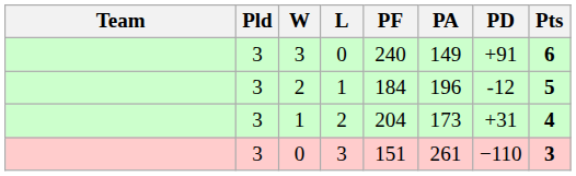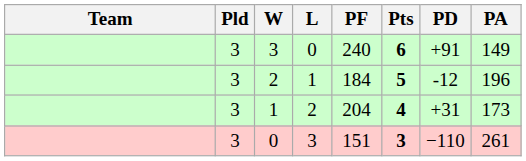 <table class="wikitable" style="text-align:center;">
 <tr>
 <th width=170>Team</th>
 <th width=25>Pld</th>
 <th width=25>W</th>
 <th width=25>L</th>
 <th width=35>PF</th>
+<th width=25>Pts</th>
+<th width=35>PD</th>
 <th width=35>PA</th>
-<th width=35>PD</th>
-<th width=25>Pts</th>
 </tr>
 <tr bgcolor="#ccffcc">
 <td align="left"></td>
 <td>3</td>
 <td>3</td>
 <td>0</td>
 <td>240</td>
+<td><strong>6</strong></td>
+<td>+91</td>
 <td>149</td>
-<td>+91</td>
-<td><strong>6</strong></td>
 </tr>
 <tr bgcolor="#ccffcc">
 <td align="left"></td>
 <td>3</td>
 <td>2</td>
 <td>1</td>
 <td>184</td>
+<td><strong>5</strong></td>
+<td>-12</td>
 <td>196</td>
-<td>-12</td>
-<td><strong>5</strong></td>
 </tr>
 <tr bgcolor="#ccffcc">
 <td align="left"></td>
 <td>3</td>
 <td>1</td>
 <td>2</td>
 <td>204</td>
+<td><strong>4</strong></td>
+<td>+31</td>
 <td>173</td>
-<td>+31</td>
-<td><strong>4</strong></td>
 </tr>
 <tr bgcolor=ffcccc>
 <td align="left"></td>
 <td>3</td>
 <td>0</td>
 <td>3</td>
 <td>151</td>
+<td><strong>3</strong></td>
+<td>−110</td>
 <td>261</td>
-<td>−110</td>
-<td><strong>3</strong></td>
 </tr>
 </table>
